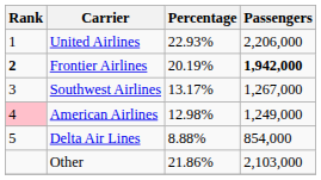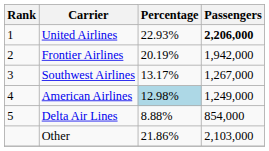 <table class="wikitable sortable" style="font-size: 95%">
 <tr>
 <th>Rank</th>
 <th>Carrier</th>
 <th>Percentage</th>
 <th>Passengers</th>
 </tr>
 <tr>
 <td>1</td>
 <td><a href='#'>United Airlines</a></td>
 <td>22.93%</td>
-<td>2,206,000</td>
+<td><strong>2,206,000</strong></td>
 </tr>
 <tr>
-<td><strong>2</strong></td>
+<td>2</td>
 <td><a href='#'>Frontier Airlines</a></td>
 <td>20.19%</td>
-<td><strong>1,942,000</strong></td>
+<td>1,942,000</td>
 </tr>
 <tr>
 <td>3</td>
 <td><a href='#'>Southwest Airlines</a></td>
 <td>13.17%</td>
 <td>1,267,000</td>
 </tr>
 <tr>
-<td style="background: pink;">4</td>
+<td>4</td>
 <td><a href='#'>American Airlines</a></td>
-<td>12.98%</td>
+<td style="background: lightblue;">12.98%</td>
 <td>1,249,000</td>
 </tr>
 <tr>
 <td>5</td>
 <td><a href='#'>Delta Air Lines</a></td>
 <td>8.88%</td>
 <td>854,000</td>
 </tr>
 <tr>
 <td></td>
 <td>Other</td>
 <td>21.86%</td>
 <td>2,103,000</td>
 </tr>
 <tr>
 </tr>
 </table>
